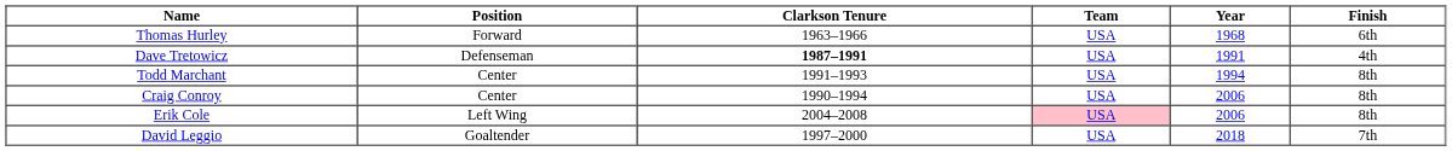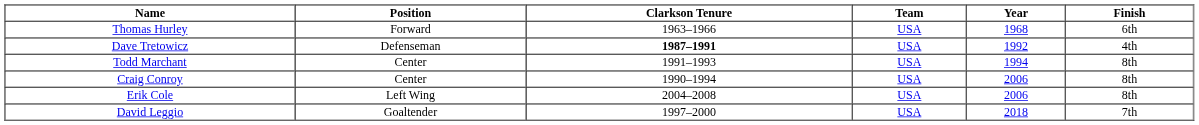 <table cellpadding="1" border="1" cellspacing="0" width="80%">
 <tr>
 <th>Name</th>
 <th>Position</th>
 <th>Clarkson Tenure</th>
 <th>Team</th>
 <th>Year</th>
 <th>Finish</th>
 </tr>
 <tr align="center">
 <td><a href='#'>Thomas Hurley</a></td>
 <td>Forward</td>
 <td>1963–1966</td>
 <td> <a href='#'>USA</a></td>
 <td><a href='#'>1968</a></td>
 <td>6th</td>
 </tr>
 <tr align="center">
 <td><a href='#'>Dave Tretowicz</a></td>
 <td>Defenseman</td>
 <td><strong>1987–1991</strong></td>
 <td> <a href='#'>USA</a></td>
-<td><a href='#'>1991</a></td>
+<td><a href='#'>1992</a></td>
 <td>4th</td>
 </tr>
 <tr align="center">
 <td><a href='#'>Todd Marchant</a></td>
 <td>Center</td>
 <td>1991–1993</td>
 <td> <a href='#'>USA</a></td>
 <td><a href='#'>1994</a></td>
 <td>8th</td>
 </tr>
 <tr align="center">
 <td><a href='#'>Craig Conroy</a></td>
 <td>Center</td>
 <td>1990–1994</td>
 <td> <a href='#'>USA</a></td>
 <td><a href='#'>2006</a></td>
 <td>8th</td>
 </tr>
 <tr align="center">
 <td><a href='#'>Erik Cole</a></td>
 <td>Left Wing</td>
 <td>2004–2008</td>
-<td style="background: pink;"> <a href='#'>USA</a></td>
+<td> <a href='#'>USA</a></td>
 <td><a href='#'>2006</a></td>
 <td>8th</td>
 </tr>
 <tr align="center">
 <td><a href='#'>David Leggio</a></td>
 <td>Goaltender</td>
 <td>1997–2000</td>
 <td> <a href='#'>USA</a></td>
 <td><a href='#'>2018</a></td>
 <td>7th</td>
 </tr>
 <tr align="center">
 </tr>
 </table>
